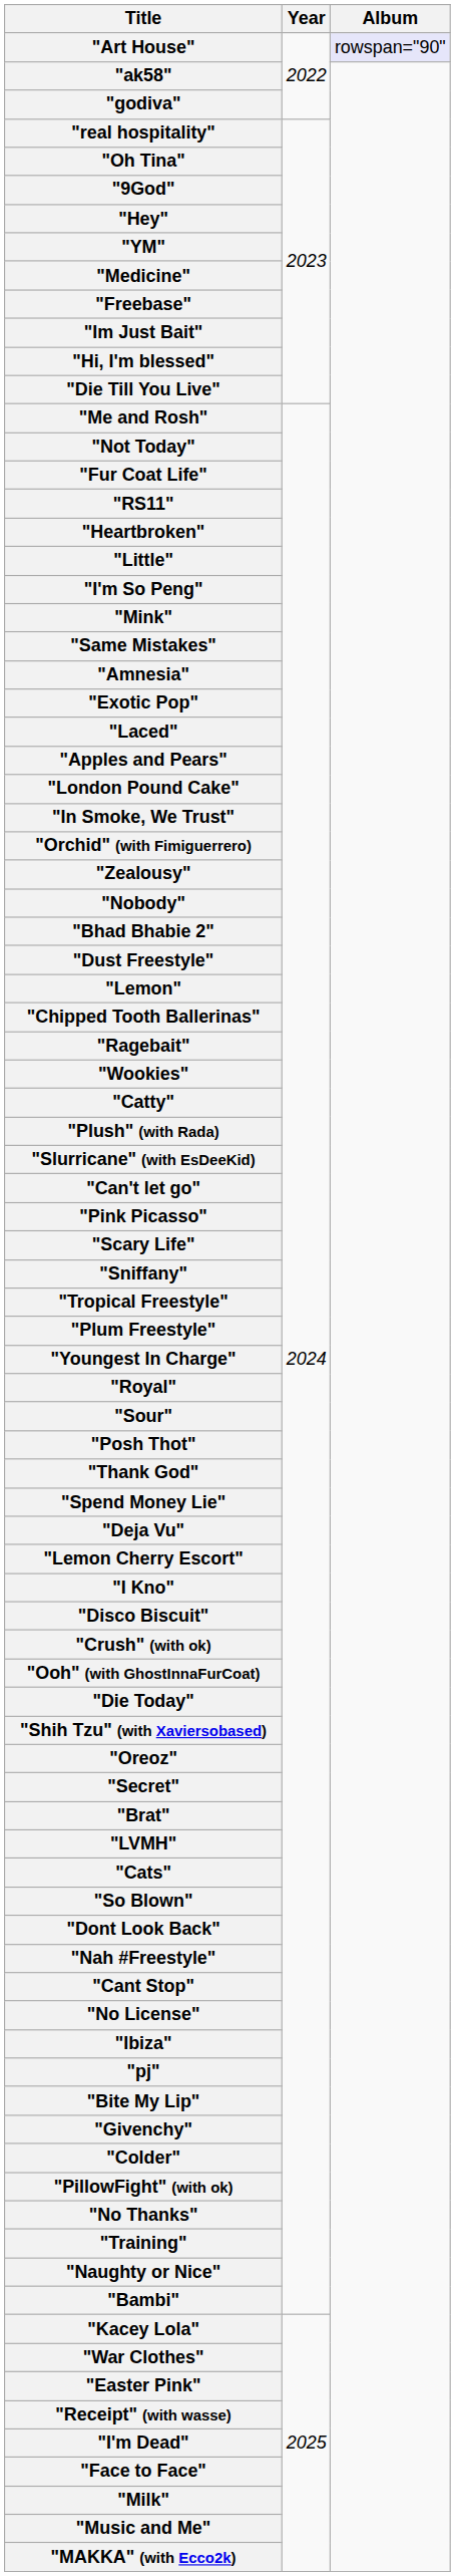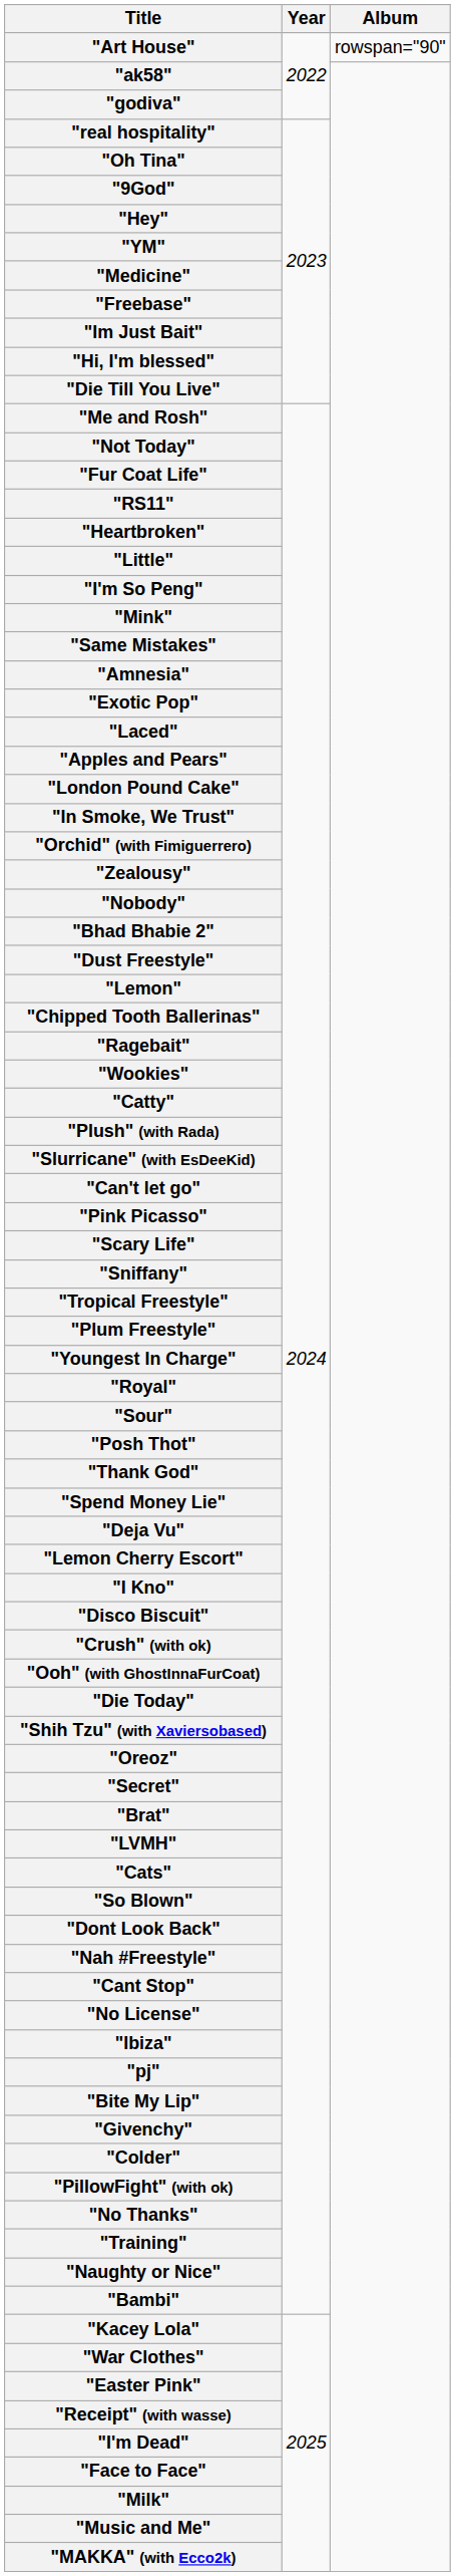 <table class="wikitable plainrowheaders" style="text-align:center;">
 <tr>
 <th scope="col" style="width:15em;">Title</th>
 <th scope="col">Year</th>
 <th scope="col">Album</th>
 </tr>
 <tr>
 <th scope="row">"Art House"</th>
 <td rowspan="3"><em>2022</em></td>
-<td style="background: lavender;">rowspan="90" </td>
+<td>rowspan="90" </td>
 </tr>
 <tr>
 <th scope="row">"ak58"</th>
 </tr>
 <tr>
 <th scope="row">"godiva"</th>
 </tr>
 <tr>
 <th scope="row">"real hospitality"</th>
 <td rowspan="10"><em>2023</em></td>
 </tr>
 <tr>
 <th scope="row">"Oh Tina"</th>
 </tr>
 <tr>
 <th scope="row">"9God"</th>
 </tr>
 <tr>
 <th scope="row">"Hey"</th>
 </tr>
 <tr>
 <th scope="row">"YM"</th>
 </tr>
 <tr>
 <th scope="row">"Medicine"</th>
 </tr>
 <tr>
 <th scope="row">"Freebase"</th>
 </tr>
 <tr>
 <th scope="row">"Im Just Bait"</th>
 </tr>
 <tr>
 <th scope="row">"Hi, I'm blessed"</th>
 </tr>
 <tr>
 <th scope="row">"Die Till You Live"</th>
 </tr>
 <tr>
 <th scope="row">"Me and Rosh"</th>
 <td rowspan="67"><em>2024</em></td>
 </tr>
 <tr>
 <th scope="row">"Not Today"</th>
 </tr>
 <tr>
 <th scope="row">"Fur Coat Life"</th>
 </tr>
 <tr>
 <th scope="row">"RS11"</th>
 </tr>
 <tr>
 <th scope="row">"Heartbroken"</th>
 </tr>
 <tr>
 <th scope="row">"Little"</th>
 </tr>
 <tr>
 <th scope="row">"I'm So Peng"</th>
 </tr>
 <tr>
 <th scope="row">"Mink"</th>
 </tr>
 <tr>
 <th scope="row">"Same Mistakes"</th>
 </tr>
 <tr>
 <th scope="row">"Amnesia"</th>
 </tr>
 <tr>
 <th scope="row">"Exotic Pop"</th>
 </tr>
 <tr>
 <th scope="row">"Laced"</th>
 </tr>
 <tr>
 <th scope="row">"Apples and Pears"</th>
 </tr>
 <tr>
 <th scope="row">"London Pound Cake"</th>
 </tr>
 <tr>
 <th scope="row">"In Smoke, We Trust"</th>
 </tr>
 <tr>
 <th scope="row">"Orchid" <small>(with Fimiguerrero)</small></th>
 </tr>
 <tr>
 <th scope="row">"Zealousy"</th>
 </tr>
 <tr>
 <th scope="row">"Nobody"</th>
 </tr>
 <tr>
 <th scope="row">"Bhad Bhabie 2"</th>
 </tr>
 <tr>
 <th scope="row">"Dust Freestyle"</th>
 </tr>
 <tr>
 <th scope="row">"Lemon"</th>
 </tr>
 <tr>
 <th scope="row">"Chipped Tooth Ballerinas"</th>
 </tr>
 <tr>
 <th scope="row">"Ragebait"</th>
 </tr>
 <tr>
 <th scope="row">"Wookies"</th>
 </tr>
 <tr>
 <th scope="row">"Catty"</th>
 </tr>
 <tr>
 <th scope="row">"Plush" <small>(with Rada)</small></th>
 </tr>
 <tr>
 <th scope="row">"Slurricane" <small>(with EsDeeKid)</small></th>
 </tr>
 <tr>
 <th scope="row">"Can't let go"</th>
 </tr>
 <tr>
 <th scope="row">"Pink Picasso"</th>
 </tr>
 <tr>
 <th scope="row">"Scary Life"</th>
 </tr>
 <tr>
 <th scope="row">"Sniffany"</th>
 </tr>
 <tr>
 <th scope="row">"Tropical Freestyle"</th>
 </tr>
 <tr>
 <th scope="row">"Plum Freestyle"</th>
 </tr>
 <tr>
 <th scope="row">"Youngest In Charge"</th>
 </tr>
 <tr>
 <th scope="row">"Royal"</th>
 </tr>
 <tr>
 <th scope="row">"Sour"</th>
 </tr>
 <tr>
 <th scope="row">"Posh Thot"</th>
 </tr>
 <tr>
 <th scope="row">"Thank God"</th>
 </tr>
 <tr>
 <th scope="row">"Spend Money Lie"</th>
 </tr>
 <tr>
 <th scope="row">"Deja Vu"</th>
 </tr>
 <tr>
 <th scope="row">"Lemon Cherry Escort"</th>
 </tr>
 <tr>
 <th scope="row">"I Kno"</th>
 </tr>
 <tr>
 <th scope="row">"Disco Biscuit"</th>
 </tr>
 <tr>
 <th scope="row">"Crush" <small>(with ok)</small></th>
 </tr>
 <tr>
 <th scope="row">"Ooh" <small>(with GhostInnaFurCoat)</small></th>
 </tr>
 <tr>
 <th scope="row">"Die Today"</th>
 </tr>
 <tr>
 <th scope="row">"Shih Tzu" <small>(with <a href='#'>Xaviersobased</a>)</small></th>
 </tr>
 <tr>
 <th scope="row">"Oreoz"</th>
 </tr>
 <tr>
 <th scope="row">"Secret"</th>
 </tr>
 <tr>
 <th scope="row">"Brat"</th>
 </tr>
 <tr>
 <th scope="row">"LVMH"</th>
 </tr>
 <tr>
 <th scope="row">"Cats"</th>
 </tr>
 <tr>
 <th scope="row">"So Blown"</th>
 </tr>
 <tr>
 <th scope="row">"Dont Look Back"</th>
 </tr>
 <tr>
 <th scope="row">"Nah #Freestyle"</th>
 </tr>
 <tr>
 <th scope="row">"Cant Stop"</th>
 </tr>
 <tr>
 <th scope="row">"No License"</th>
 </tr>
 <tr>
 <th scope="row">"Ibiza"</th>
 </tr>
 <tr>
 <th scope="row">"pj"</th>
 </tr>
 <tr>
 <th scope="row">"Bite My Lip"</th>
 </tr>
 <tr>
 <th scope="row">"Givenchy"</th>
 </tr>
 <tr>
 <th scope="row">"Colder"</th>
 </tr>
 <tr>
 <th scope="row">"PillowFight" <small>(with ok)</small></th>
 </tr>
 <tr>
 <th scope="row">"No Thanks"</th>
 </tr>
 <tr>
 <th scope="row">"Training"</th>
 </tr>
 <tr>
 <th scope="row">"Naughty or Nice"</th>
 </tr>
 <tr>
 <th scope="row">"Bambi"</th>
 </tr>
 <tr>
 <th scope="row">"Kacey Lola"</th>
 <td rowspan="9"><em>2025</em></td>
 </tr>
 <tr>
 <th scope="row">"War Clothes"</th>
 </tr>
 <tr>
 <th scope="row">"Easter Pink"</th>
 </tr>
 <tr>
 <th scope="row">"Receipt" <small>(with wasse)</small></th>
 </tr>
 <tr>
 <th scope="row">"I'm Dead"</th>
 </tr>
 <tr>
 <th scope="row">"Face to Face"</th>
 </tr>
 <tr>
 <th scope="row">"Milk"</th>
 </tr>
 <tr>
 <th scope="row">"Music and Me"</th>
 </tr>
 <tr>
 <th scope="row">"MAKKA" <small>(with <a href='#'>Ecco2k</a>)</small></th>
 </tr>
 <tr>
 </tr>
 </table>
